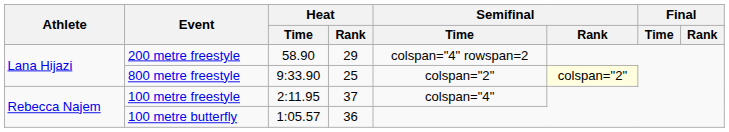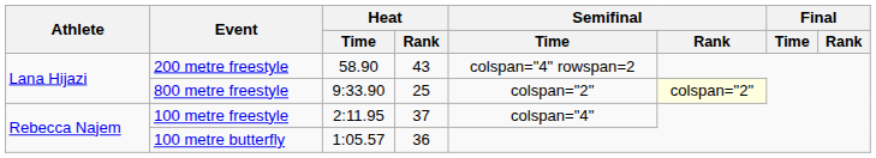 <table class="wikitable" style="text-align:center; font-size:90%; width:50%;">
 <tr>
 <th rowspan="2">Athlete</th>
 <th rowspan="2">Event</th>
 <th colspan="2">Heat</th>
 <th colspan="2">Semifinal</th>
 <th colspan="2">Final</th>
 </tr>
 <tr style="font-size:95%">
 <th>Time</th>
 <th>Rank</th>
 <th>Time</th>
 <th>Rank</th>
 <th>Time</th>
 <th>Rank</th>
 </tr>
 <tr>
 <td align=left rowspan=2><a href='#'>Lana Hijazi</a></td>
 <td align=left><a href='#'>200 metre freestyle</a></td>
 <td>58.90</td>
-<td>29</td>
+<td>43</td>
 <td>colspan="4" rowspan=2</td>
 </tr>
 <tr>
 <td align=left><a href='#'>800 metre freestyle</a></td>
 <td>9:33.90</td>
 <td>25</td>
 <td>colspan="2" </td>
 <td style="background: lightyellow;">colspan="2" </td>
 </tr>
 <tr>
 <td align=left rowspan=2><a href='#'>Rebecca Najem</a></td>
 <td align=left><a href='#'>100 metre freestyle</a></td>
 <td>2:11.95</td>
 <td>37</td>
 <td>colspan="4" </td>
 </tr>
 <tr>
 <td align=left><a href='#'>100 metre butterfly</a></td>
 <td>1:05.57</td>
 <td>36</td>
 </tr>
 </table>
